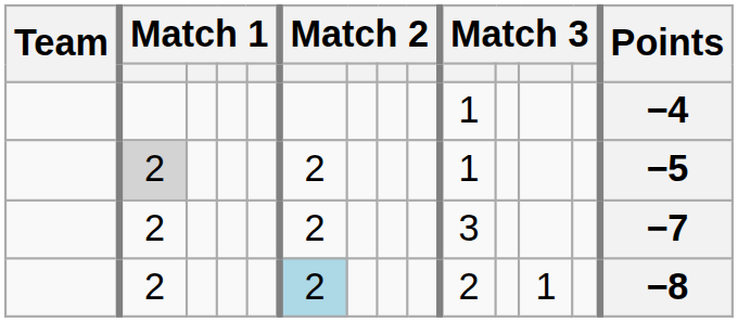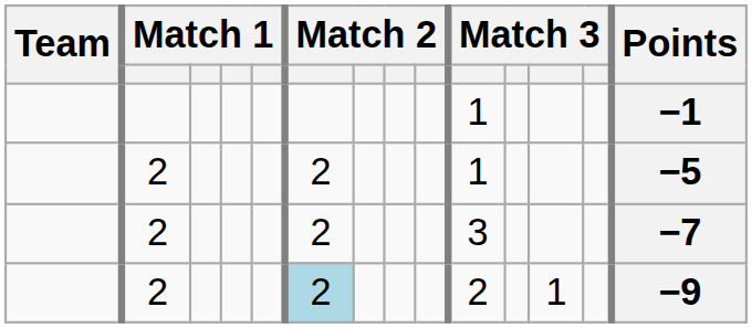 <table class="wikitable sortable" style="text-align:center;">
 <tr>
 <th rowspan=2>Team</th>
 <th colspan=4 style="border-left:3px solid gray">Match 1</th>
 <th colspan=4 style="border-left:3px solid gray">Match 2</th>
 <th colspan=4 style="border-left:3px solid gray">Match 3</th>
 <th rowspan=2 style="border-left:3px solid gray">Points</th>
 </tr>
 <tr>
 <th style="border-left:3px solid gray"></th>
 <th></th>
 <th></th>
 <th></th>
 <th style="border-left:3px solid gray"></th>
 <th></th>
 <th></th>
 <th></th>
 <th style="border-left:3px solid gray"></th>
 <th></th>
 <th></th>
 <th></th>
 </tr>
 <tr>
 <td align=left></td>
 <td style="border-left:3px solid gray"></td>
 <td></td>
 <td></td>
 <td></td>
 <td style="border-left:3px solid gray"></td>
 <td></td>
 <td></td>
 <td></td>
 <td style="border-left:3px solid gray">1</td>
 <td></td>
 <td></td>
 <td></td>
-<th style="border-left:3px solid gray">−4</th>
+<th style="border-left:3px solid gray">−1</th>
 </tr>
 <tr>
 <td align=left></td>
-<td style="background: lightgrey; border-left:3px solid gray">2</td>
+<td style="border-left:3px solid gray">2</td>
 <td></td>
 <td></td>
 <td></td>
 <td style="border-left:3px solid gray">2</td>
 <td></td>
 <td></td>
 <td></td>
 <td style="border-left:3px solid gray">1</td>
 <td></td>
 <td></td>
 <td></td>
 <th style="border-left:3px solid gray">−5</th>
 </tr>
 <tr>
 <td align=left></td>
 <td style="border-left:3px solid gray">2</td>
 <td></td>
 <td></td>
 <td></td>
 <td style="border-left:3px solid gray">2</td>
 <td></td>
 <td></td>
 <td></td>
 <td style="border-left:3px solid gray">3</td>
 <td></td>
 <td></td>
 <td></td>
 <th style="border-left:3px solid gray">−7</th>
 </tr>
 <tr>
 <td align=left></td>
 <td style="border-left:3px solid gray">2</td>
 <td></td>
 <td></td>
 <td></td>
 <td style="background: lightblue; border-left:3px solid gray">2</td>
 <td></td>
 <td></td>
 <td></td>
 <td style="border-left:3px solid gray">2</td>
 <td></td>
 <td>1</td>
 <td></td>
-<th style="border-left:3px solid gray">−8</th>
+<th style="border-left:3px solid gray">−9</th>
 </tr>
 </table>
